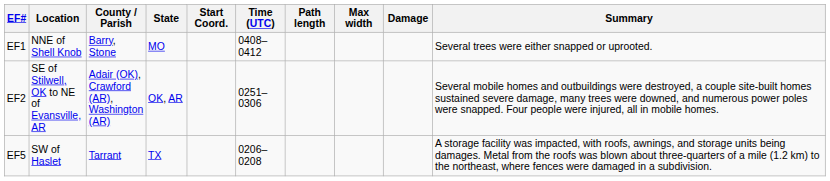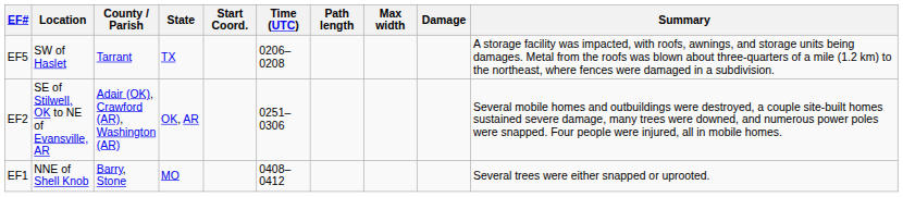 <table class="wikitable sortable" style="width:100%;">
 <tr>
 <th scope="col"  style="width:3%; text-align:center;"><a href='#'>EF#</a></th>
 <th scope="col"  style="width:7%; text-align:center;" class="unsortable">Location</th>
 <th scope="col"  style="width:6%; text-align:center;" class="unsortable">County / Parish</th>
 <th scope="col"  style="width:5%; text-align:center;">State</th>
 <th scope="col"  style="width:6%; text-align:center;">Start Coord.</th>
 <th scope="col"  style="width:6%; text-align:center;">Time (<a href='#'>UTC</a>)</th>
 <th scope="col"  style="width:6%; text-align:center;">Path length</th>
 <th scope="col"  style="width:6%; text-align:center;">Max width</th>
 <th scope="col"  style="width:6%; text-align:center;">Damage</th>
 <th scope="col" class="unsortable" style="width:48%; text-align:center;">Summary</th>
 </tr>
 <tr>
-<td>EF1</td>
-<td>NNE of <a href='#'>Shell Knob</a></td>
-<td><a href='#'>Barry</a>, <a href='#'>Stone</a></td>
-<td><a href='#'>MO</a></td>
+<td>EF5</td>
+<td>SW of <a href='#'>Haslet</a></td>
+<td><a href='#'>Tarrant</a></td>
+<td><a href='#'>TX</a></td>
 <td></td>
-<td>0408–0412</td>
+<td>0206–0208</td>
 <td></td>
 <td></td>
 <td></td>
-<td>Several trees were either snapped or uprooted.</td>
+<td>A storage facility was impacted, with roofs, awnings, and storage units being damages. Metal from the roofs was blown about three-quarters of a mile (1.2 km) to the northeast, where fences were damaged in a subdivision.</td>
 </tr>
 <tr>
 <td>EF2</td>
 <td>SE of <a href='#'>Stilwell, OK</a> to NE of <a href='#'>Evansville, AR</a></td>
 <td><a href='#'>Adair (OK)</a>, <a href='#'>Crawford (AR)</a>, <a href='#'>Washington (AR)</a></td>
 <td><a href='#'>OK</a>, <a href='#'>AR</a></td>
 <td></td>
 <td>0251–0306</td>
 <td></td>
 <td></td>
 <td></td>
 <td>Several mobile homes and outbuildings were destroyed, a couple site-built homes sustained severe damage, many trees were downed, and numerous power poles were snapped. Four people were injured, all in mobile homes.<br></td>
 </tr>
 <tr>
-<td>EF5</td>
-<td>SW of <a href='#'>Haslet</a></td>
-<td><a href='#'>Tarrant</a></td>
-<td><a href='#'>TX</a></td>
+<td>EF1</td>
+<td>NNE of <a href='#'>Shell Knob</a></td>
+<td><a href='#'>Barry</a>, <a href='#'>Stone</a></td>
+<td><a href='#'>MO</a></td>
 <td></td>
-<td>0206–0208</td>
+<td>0408–0412</td>
 <td></td>
 <td></td>
 <td></td>
-<td>A storage facility was impacted, with roofs, awnings, and storage units being damages. Metal from the roofs was blown about three-quarters of a mile (1.2 km) to the northeast, where fences were damaged in a subdivision.</td>
+<td>Several trees were either snapped or uprooted.</td>
 </tr>
 </table>
